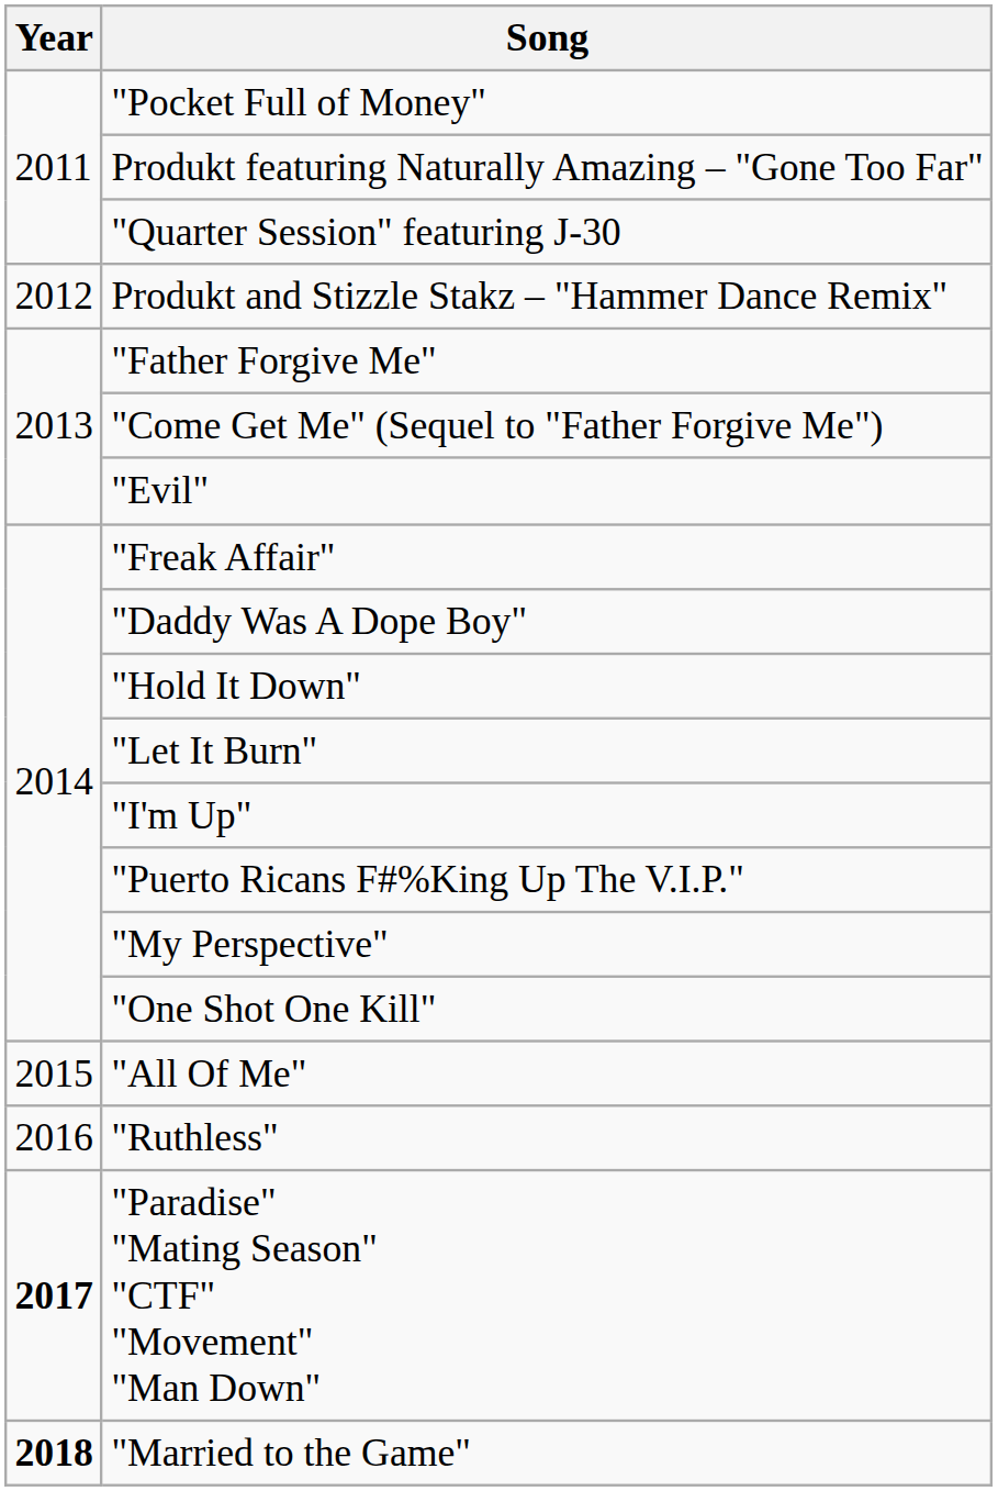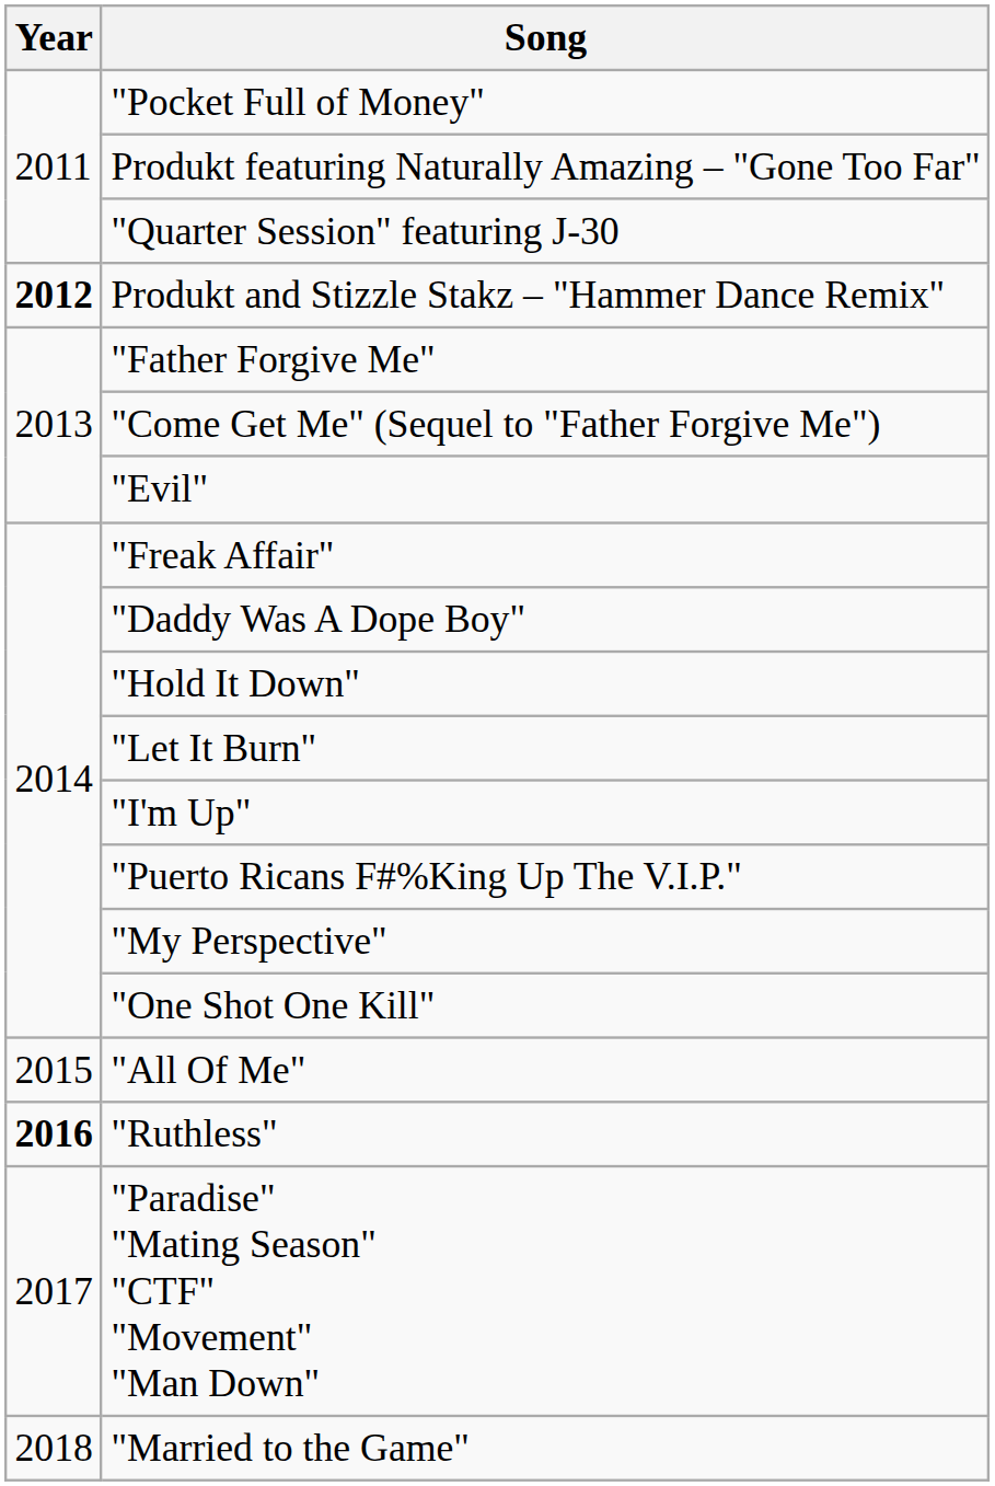 <table class="wikitable" style="font-size: 95%;">
 <tr>
 <th>Year</th>
 <th>Song</th>
 </tr>
 <tr>
 <td rowspan="3">2011</td>
 <td>"Pocket Full of Money"</td>
 </tr>
 <tr>
 <td>Produkt featuring Naturally Amazing – "Gone Too Far"</td>
 </tr>
 <tr>
 <td>"Quarter Session" featuring J-30</td>
 </tr>
 <tr>
-<td>2012</td>
+<td><strong>2012</strong></td>
 <td>Produkt and Stizzle Stakz – "Hammer Dance Remix"</td>
 </tr>
 <tr>
 <td rowspan="3">2013</td>
 <td>"Father Forgive Me"</td>
 </tr>
 <tr>
 <td>"Come Get Me" (Sequel to "Father Forgive Me")</td>
 </tr>
 <tr>
 <td>"Evil"</td>
 </tr>
 <tr>
 <td rowspan="8">2014</td>
 <td>"Freak Affair"</td>
 </tr>
 <tr>
 <td>"Daddy Was A Dope Boy"</td>
 </tr>
 <tr>
 <td>"Hold It Down"</td>
 </tr>
 <tr>
 <td>"Let It Burn"</td>
 </tr>
 <tr>
 <td>"I'm Up"</td>
 </tr>
 <tr>
 <td>"Puerto Ricans F#%King Up The V.I.P."</td>
 </tr>
 <tr>
 <td>"My Perspective"</td>
 </tr>
 <tr>
 <td>"One Shot One Kill"</td>
 </tr>
 <tr>
 <td>2015</td>
 <td>"All Of Me"</td>
 </tr>
 <tr>
-<td>2016</td>
+<td><strong>2016</strong></td>
 <td>"Ruthless"</td>
 </tr>
 <tr>
-<td><strong>2017</strong></td>
+<td>2017</td>
 <td>"Paradise"<br>"Mating Season"<br>"CTF"<br>"Movement"<br>"Man Down"</td>
 </tr>
 <tr>
-<td><strong>2018</strong></td>
+<td>2018</td>
 <td>"Married to the Game"</td>
 </tr>
 </table>
